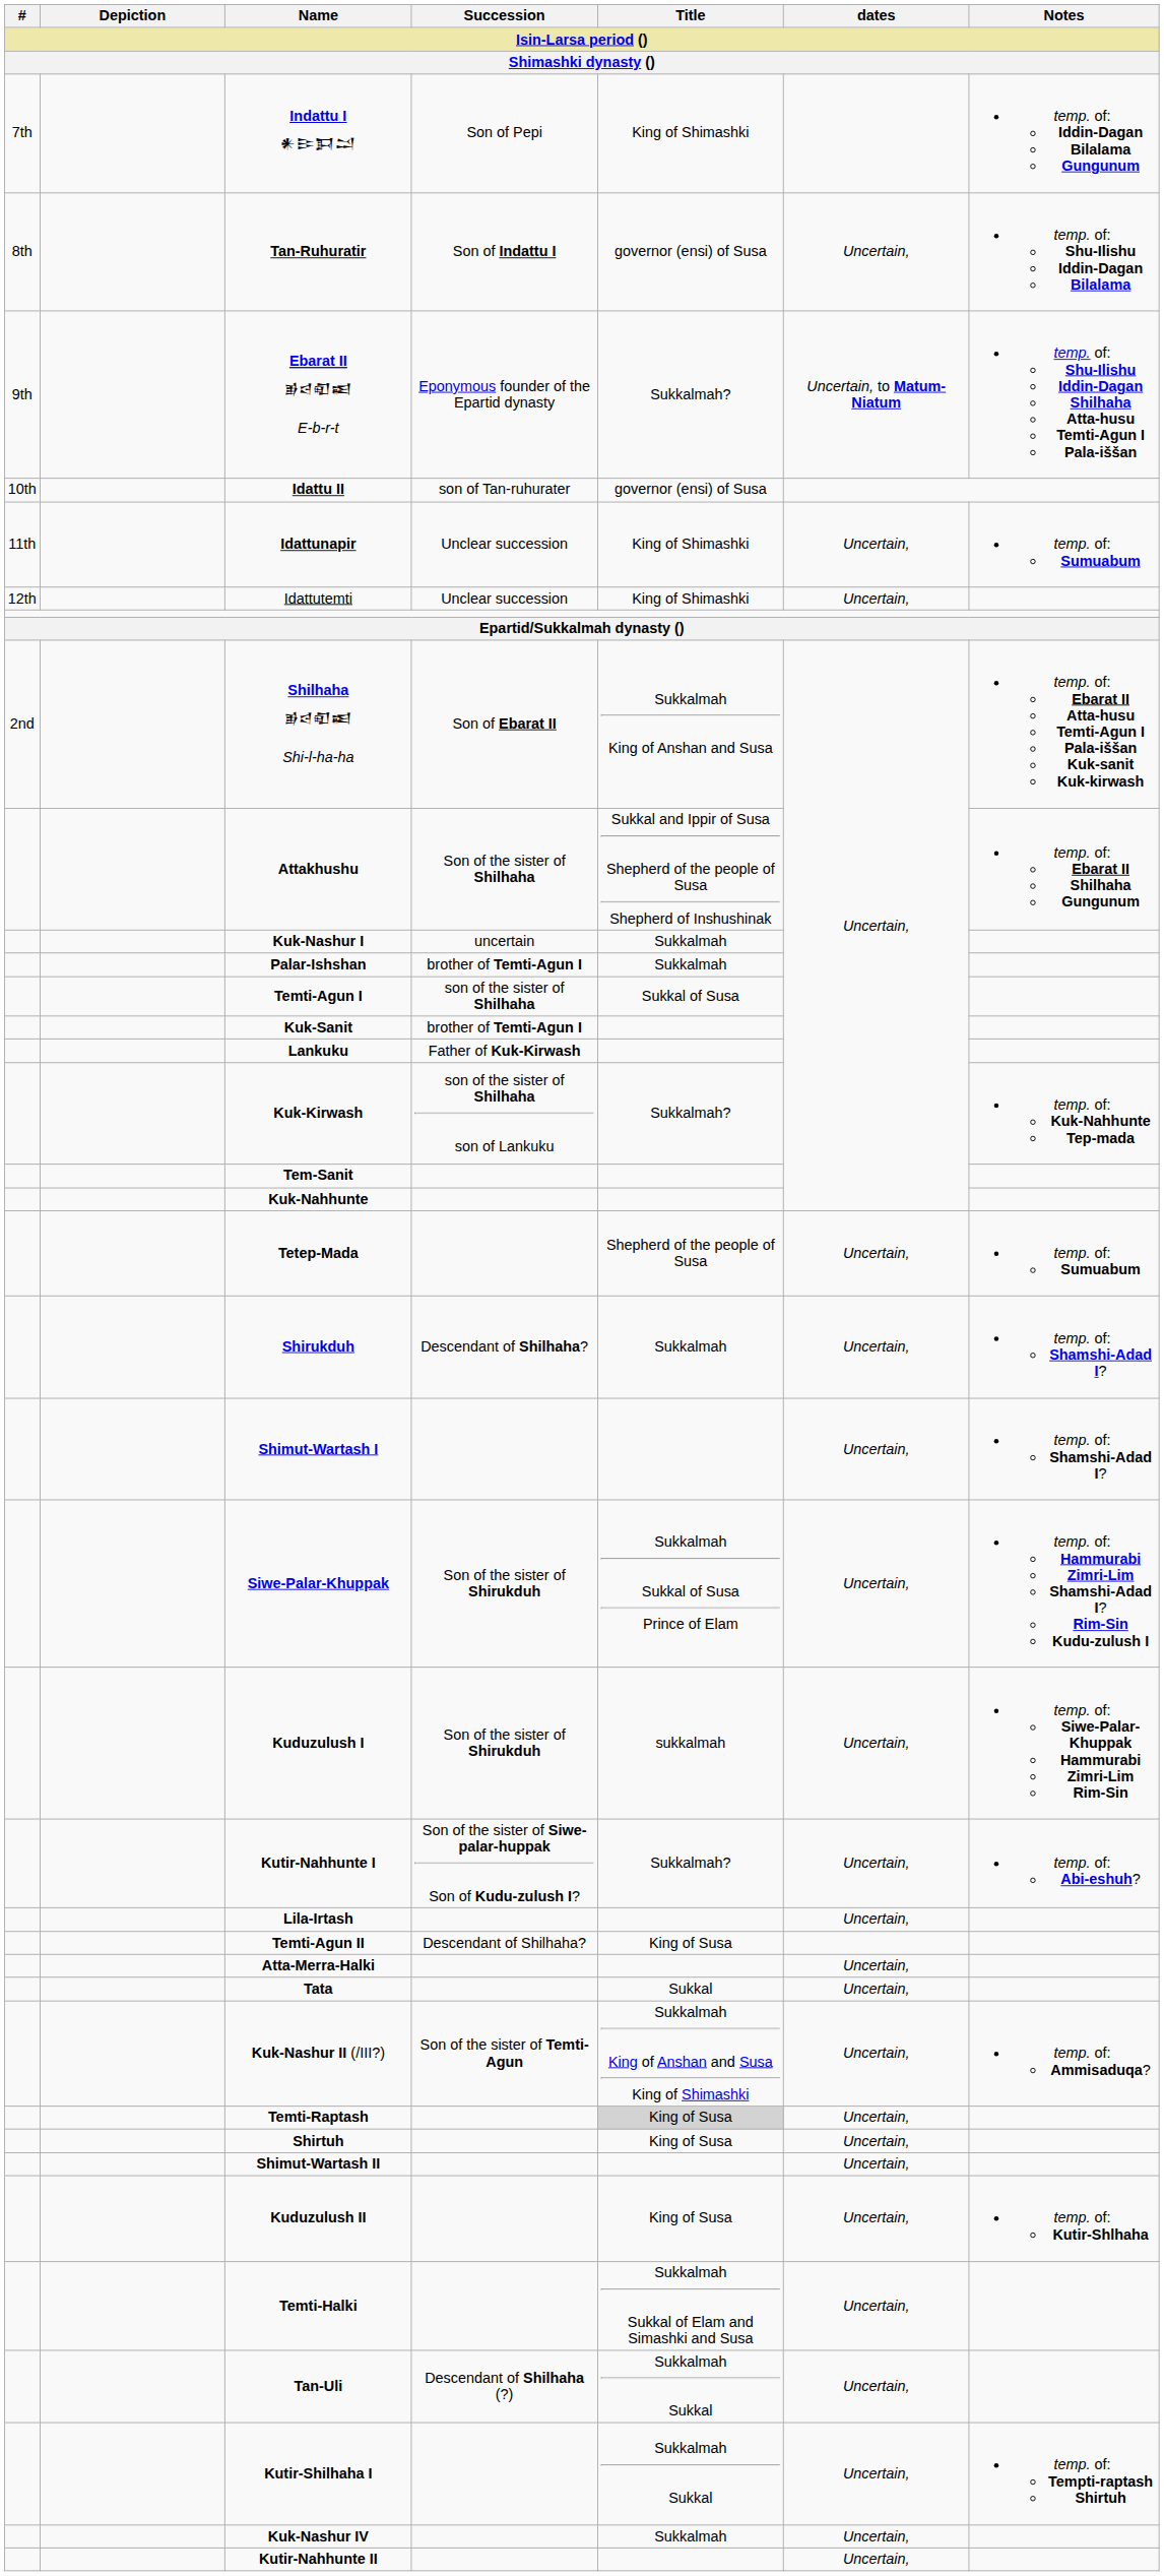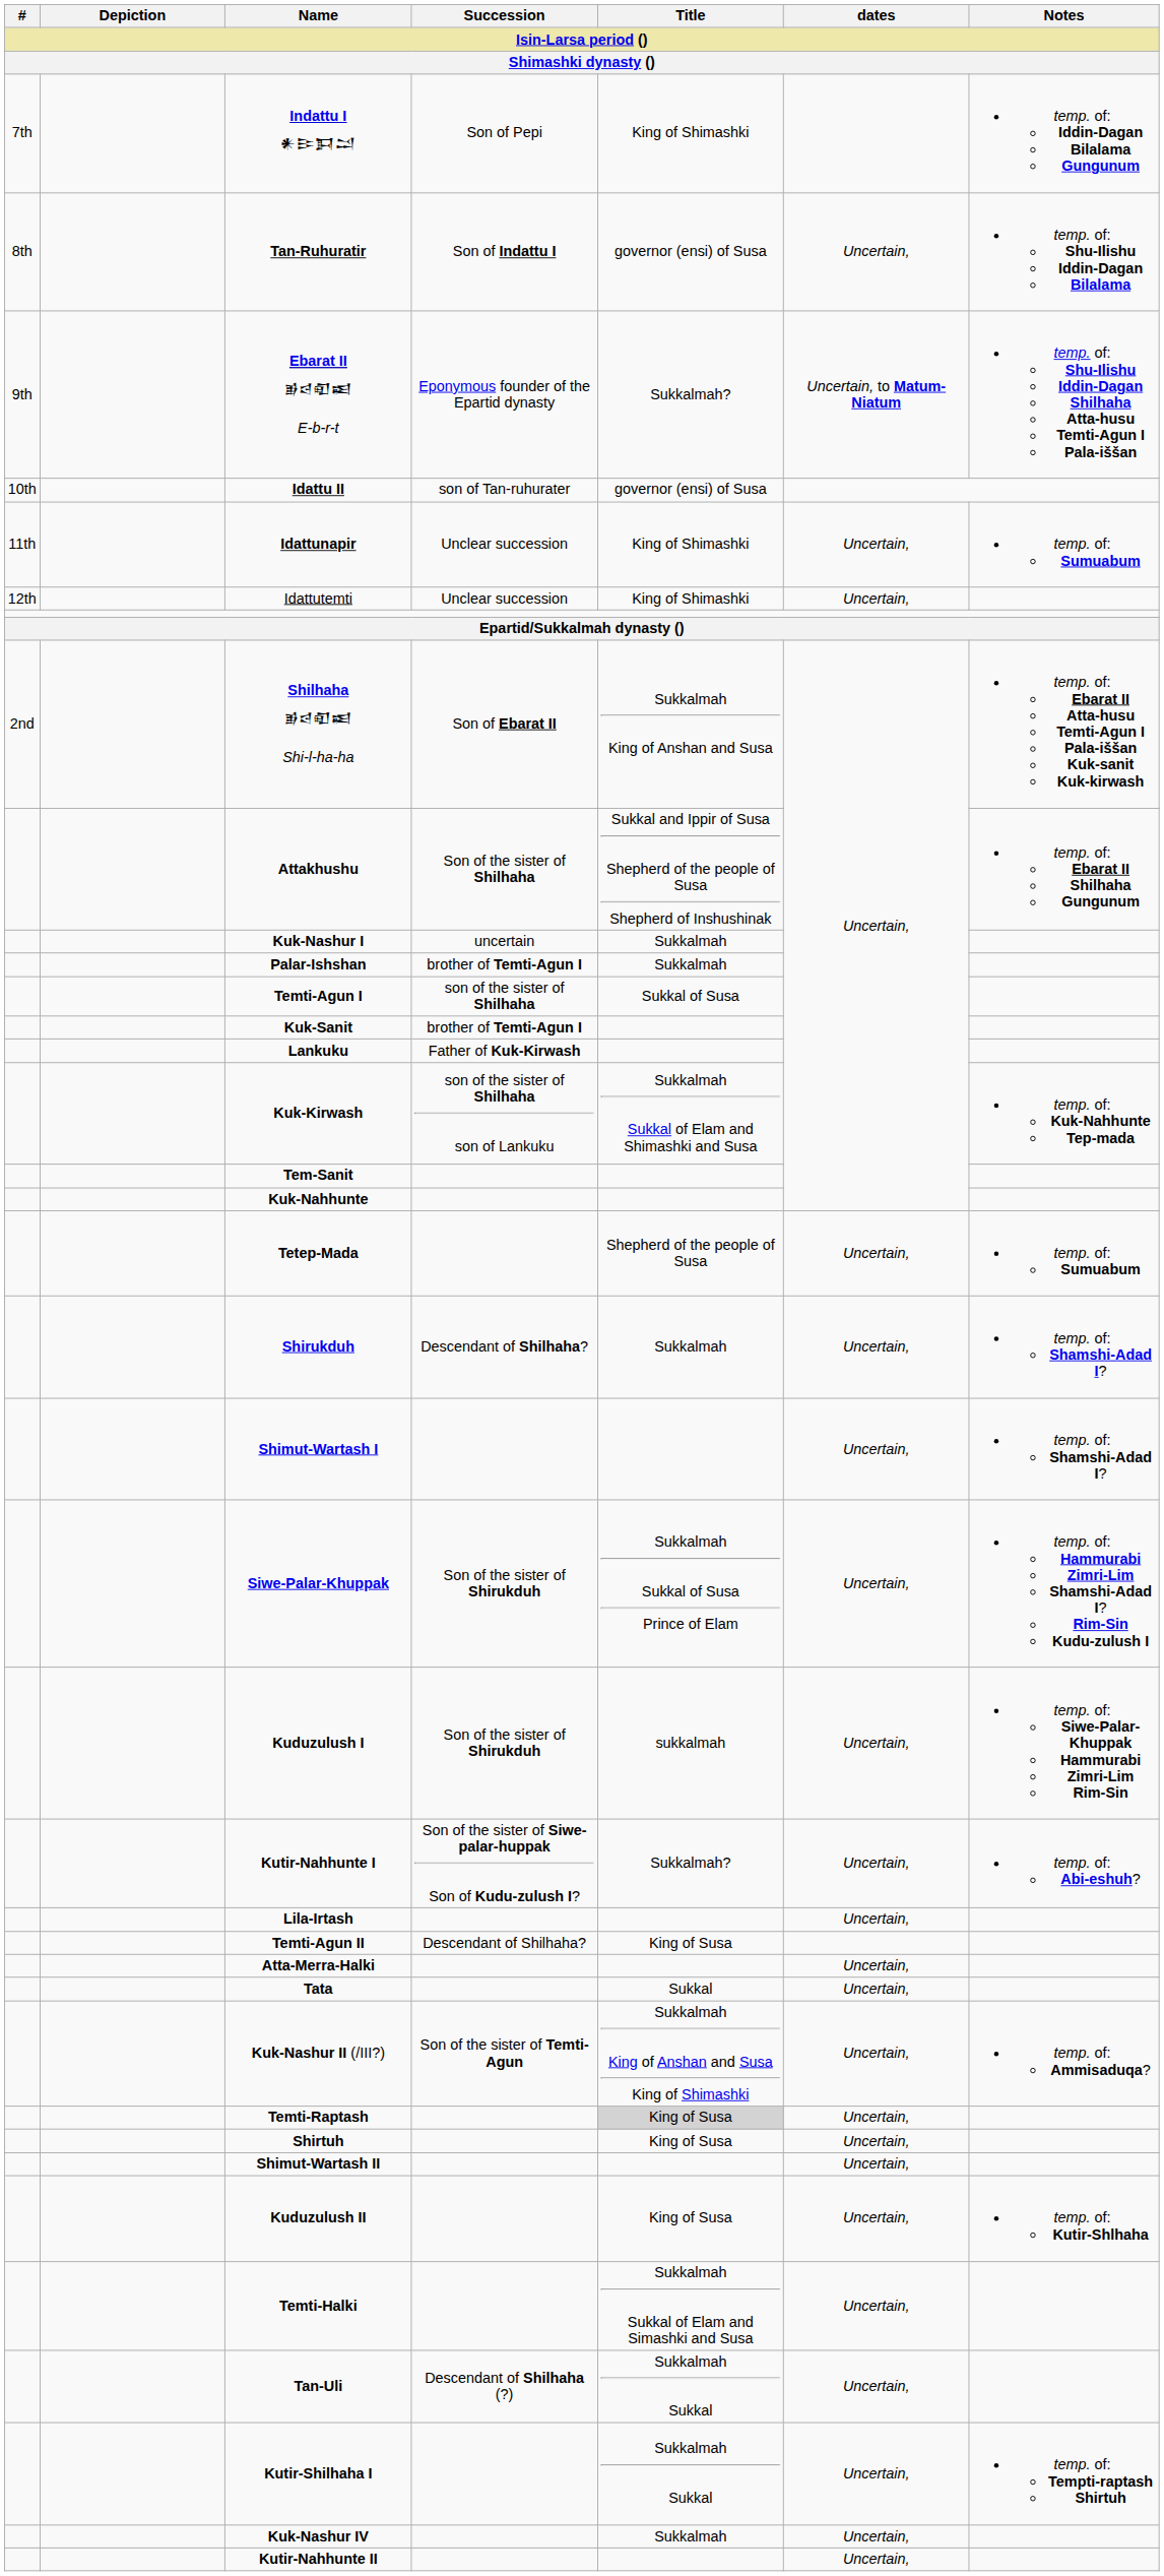 <table class="wikitable"border="1"style="width:100%;text-align:center">
 <tr>
 <th width="1%">#</th>
 <th width="16.5%">Depiction</th>
 <th width="16.5%">Name</th>
 <th width="16.5%">Succession</th>
 <th width="16.5%">Title</th>
 <th width="16.5%"> dates</th>
 <th width="16.5%">Notes</th>
 </tr>
 <tr>
 <td colspan="7"align="center"style="background-color:palegoldenrod"><strong><a href='#'>Isin-Larsa period</a> ()</strong></td>
 </tr>
 <tr>
 <th colspan="7"><a href='#'>Shimashki dynasty</a> ()</th>
 </tr>
 <tr>
 <td>7th</td>
 <td></td>
 <td><strong><u><a href='#'>Indattu I</a></u></strong><br>𒀭𒄿𒁕𒁺</td>
 <td>Son of Pepi</td>
 <td>King of Shimashki</td>
 <td></td>
 <td><br><ul><li><em>temp.</em> of:<ul><li><strong>Iddin-Dagan</strong></li><li><strong>Bilalama</strong></li><li><strong><a href='#'>Gungunum</a></strong></li></ul></li></ul></td>
 </tr>
 <tr>
 <td>8th</td>
 <td></td>
 <td><strong><u>Tan-Ruhuratir</u></strong></td>
 <td>Son of <strong><u>Indattu I</u></strong></td>
 <td>governor (ensi) of Susa</td>
 <td><em>Uncertain,</em> </td>
 <td><br><ul><li><em>temp.</em> of:<ul><li><strong>Shu-Ilishu</strong></li><li><strong>Iddin-Dagan</strong></li><li><strong><a href='#'>Bilalama</a></strong></li></ul></li></ul></td>
 </tr>
 <tr>
 <td>9th</td>
 <td></td>
 <td><strong><u><a href='#'>Ebarat II</a></u></strong><br>𒂊𒁀𒊏𒀜<br><br><em>E-b-r-t</em></td>
 <td><a href='#'>Eponymous</a> founder of the Epartid dynasty</td>
 <td>Sukkalmah?</td>
 <td><em>Uncertain,</em>  to <strong><a href='#'>Matum-Niatum</a></strong></td>
 <td><br><ul><li><em><a href='#'>temp.</a></em> of:<ul><li><strong><a href='#'>Shu-Ilishu</a></strong></li><li><strong><a href='#'>Iddin-Dagan</a></strong></li><li><strong><a href='#'>Shilhaha</a></strong></li><li><strong>Atta-husu</strong></li><li><strong>Temti-Agun I</strong></li><li><strong>Pala-iššan</strong></li></ul></li></ul></td>
 </tr>
 <tr>
 <td>10th</td>
 <td></td>
 <td><strong><u>Idattu II</u></strong></td>
 <td>son of Tan-ruhurater</td>
 <td>governor (ensi) of Susa</td>
 </tr>
 <tr>
 <td>11th</td>
 <td></td>
 <td><strong><u>Idattunapir</u></strong></td>
 <td>Unclear succession</td>
 <td>King of Shimashki</td>
 <td><em>Uncertain,</em> </td>
 <td><br><ul><li><em>temp.</em> of:<ul><li><strong><a href='#'>Sumuabum</a></strong></li></ul></li></ul></td>
 </tr>
 <tr>
 <td>12th</td>
 <td></td>
 <td><u>Idattutemti</u></td>
 <td>Unclear succession</td>
 <td>King of Shimashki</td>
 <td><em>Uncertain,</em> </td>
 <td></td>
 </tr>
 <tr>
 <td colspan="7"align="left"></td>
 </tr>
 <tr>
 <th colspan="7">Epartid/Sukkalmah dynasty ()</th>
 </tr>
 <tr>
 <td>2nd</td>
 <td></td>
 <td><strong><a href='#'>Shilhaha</a></strong><br>𒂊𒁀𒊏𒀜<br><br><em>Shi-l-ha-ha</em></td>
 <td>Son of <strong><u>Ebarat II</u></strong></td>
 <td>Sukkalmah<hr><br>King of Anshan and Susa</td>
 <td rowspan="10"><em>Uncertain,</em> </td>
 <td><br><ul><li><em>temp.</em> of:<ul><li><strong><u>Ebarat II</u></strong></li><li><strong>Atta-husu</strong></li><li><strong>Temti-Agun I</strong></li><li><strong>Pala-iššan</strong></li><li><strong>Kuk-sanit</strong></li><li><strong>Kuk-kirwash</strong></li></ul></li></ul></td>
 </tr>
 <tr>
 <td></td>
 <td></td>
 <td><strong>Attakhushu</strong></td>
 <td>Son of the sister of <strong>Shilhaha</strong></td>
 <td>Sukkal and Ippir of Susa<hr><br>Shepherd of the people of Susa<hr> Shepherd of Inshushinak</td>
 <td><br><ul><li><em>temp.</em> of:<ul><li><strong><u>Ebarat II</u></strong></li><li><strong>Shilhaha</strong></li><li><strong>Gungunum</strong></li></ul></li></ul></td>
 </tr>
 <tr>
 <td></td>
 <td></td>
 <td><strong>Kuk-Nashur I</strong></td>
 <td>uncertain</td>
 <td>Sukkalmah</td>
 <td></td>
 </tr>
 <tr>
 <td></td>
 <td></td>
 <td><strong>Palar-Ishshan</strong></td>
 <td>brother of <strong>Temti-Agun I</strong></td>
 <td>Sukkalmah</td>
 <td></td>
 </tr>
 <tr>
 <td></td>
 <td></td>
 <td><strong>Temti-Agun I</strong></td>
 <td>son of the sister of <strong>Shilhaha</strong></td>
 <td>Sukkal of Susa</td>
 </tr>
 <tr>
 <td></td>
 <td></td>
 <td><strong>Kuk-Sanit</strong></td>
 <td>brother of <strong>Temti-Agun I</strong></td>
 <td></td>
 <td></td>
 </tr>
 <tr>
 <td></td>
 <td></td>
 <td><strong>Lankuku</strong></td>
 <td>Father of <strong>Kuk-Kirwash</strong></td>
 <td></td>
 <td></td>
 </tr>
 <tr>
 <td></td>
 <td></td>
 <td><strong>Kuk-Kirwash</strong></td>
 <td>son of the sister of <strong>Shilhaha</strong><hr><br>son of Lankuku</td>
-<td>Sukkalmah?</td>
+<td>Sukkalmah<hr><br><a href='#'>Sukkal</a> of Elam and Shimashki and Susa</td>
 <td><br><ul><li><em>temp.</em> of:<ul><li><strong>Kuk-Nahhunte</strong></li><li><strong>Tep-mada</strong></li></ul></li></ul></td>
 </tr>
 <tr>
 <td></td>
 <td></td>
 <td><strong>Tem-Sanit</strong></td>
 <td></td>
 <td></td>
 <td></td>
 </tr>
 <tr>
 <td></td>
 <td></td>
 <td><strong>Kuk-Nahhunte</strong></td>
 <td></td>
 <td></td>
 <td></td>
 </tr>
 <tr>
 <td></td>
 <td></td>
 <td><strong>Tetep-Mada</strong></td>
 <td></td>
 <td>Shepherd of the people of Susa</td>
 <td><em>Uncertain,</em> </td>
 <td><br><ul><li><em>temp.</em> of:<ul><li><strong>Sumuabum</strong></li></ul></li></ul></td>
 </tr>
 <tr>
 <td></td>
 <td></td>
 <td><strong><a href='#'>Shirukduh</a></strong></td>
 <td>Descendant of <strong>Shilhaha</strong>?</td>
 <td>Sukkalmah</td>
 <td><em>Uncertain,</em> </td>
 <td><br><ul><li><em>temp.</em> of:<ul><li><strong><a href='#'>Shamshi-Adad I</a></strong>?</li></ul></li></ul></td>
 </tr>
 <tr>
 <td></td>
 <td></td>
 <td><strong><a href='#'>Shimut-Wartash I</a></strong></td>
 <td></td>
 <td></td>
 <td><em>Uncertain,</em> </td>
 <td><br><ul><li><em>temp.</em> of:<ul><li><strong>Shamshi-Adad I</strong>?</li></ul></li></ul></td>
 </tr>
 <tr>
 <td></td>
 <td></td>
 <td><strong><a href='#'>Siwe-Palar-Khuppak</a></strong></td>
 <td>Son of the sister of <strong>Shirukduh</strong></td>
 <td>Sukkalmah<hr><br>Sukkal of Susa<hr> Prince of Elam</td>
 <td><em>Uncertain,</em> </td>
 <td><br><ul><li><em>temp.</em> of:<ul><li><strong><a href='#'>Hammurabi</a></strong></li><li><strong><a href='#'>Zimri-Lim</a></strong></li><li><strong>Shamshi-Adad I</strong>?</li><li><strong><a href='#'>Rim-Sin</a></strong></li><li><strong>Kudu-zulush I</strong></li></ul></li></ul></td>
 </tr>
 <tr>
 <td></td>
 <td></td>
 <td><strong>Kuduzulush I</strong></td>
 <td>Son of the sister of <strong>Shirukduh</strong></td>
 <td>sukkalmah</td>
 <td><em>Uncertain,</em> </td>
 <td><br><ul><li><em>temp.</em> of:<ul><li><strong>Siwe-Palar-Khuppak</strong></li><li><strong>Hammurabi</strong></li><li><strong>Zimri-Lim</strong></li><li><strong>Rim-Sin</strong></li></ul></li></ul></td>
 </tr>
 <tr>
 <td></td>
 <td></td>
 <td><strong>Kutir-Nahhunte I</strong></td>
 <td>Son of the sister of <strong>Siwe-palar-huppak</strong><hr><br>Son of <strong>Kudu-zulush I</strong>?</td>
 <td>Sukkalmah?</td>
 <td><em>Uncertain,</em> </td>
 <td><br><ul><li><em>temp.</em> of:<ul><li><strong><a href='#'>Abi-eshuh</a></strong>?</li></ul></li></ul></td>
 </tr>
 <tr>
 <td></td>
 <td></td>
 <td><strong>Lila-Irtash</strong></td>
 <td></td>
 <td></td>
 <td><em>Uncertain,</em> </td>
 <td></td>
 </tr>
 <tr>
 <td></td>
 <td></td>
 <td><strong>Temti-Agun II</strong></td>
 <td>Descendant of Shilhaha?</td>
 <td>King of Susa</td>
 <td></td>
 <td></td>
 </tr>
 <tr>
 <td></td>
 <td></td>
 <td><strong>Atta-Merra-Halki</strong></td>
 <td></td>
 <td></td>
 <td><em>Uncertain,</em> </td>
 <td></td>
 </tr>
 <tr>
 <td></td>
 <td></td>
 <td><strong>Tata</strong></td>
 <td></td>
 <td>Sukkal</td>
 <td><em>Uncertain,</em> </td>
 <td></td>
 </tr>
 <tr>
 <td></td>
 <td></td>
 <td><strong>Kuk-Nashur II</strong> (/III?)</td>
 <td>Son of the sister of <strong>Temti-Agun</strong></td>
 <td>Sukkalmah<hr><br><a href='#'>King</a> of <a href='#'>Anshan</a> and <a href='#'>Susa</a><hr> King of <a href='#'>Shimashki</a></td>
 <td><em>Uncertain,</em> </td>
 <td><br><ul><li><em>temp.</em> of:<ul><li><strong>Ammisaduqa</strong>?</li></ul></li></ul></td>
 </tr>
 <tr>
 <td></td>
 <td></td>
 <td><strong>Temti-Raptash</strong></td>
 <td></td>
 <td style="background: lightgrey;">King of Susa</td>
 <td><em>Uncertain,</em> </td>
 <td></td>
 </tr>
 <tr>
 <td></td>
 <td></td>
 <td><strong>Shirtuh</strong></td>
 <td></td>
 <td>King of Susa</td>
 <td><em>Uncertain,</em> </td>
 <td></td>
 </tr>
 <tr>
 <td></td>
 <td></td>
 <td><strong>Shimut-Wartash II</strong></td>
 <td></td>
 <td></td>
 <td><em>Uncertain,</em> </td>
 <td></td>
 </tr>
 <tr>
 <td></td>
 <td></td>
 <td><strong>Kuduzulush II</strong></td>
 <td></td>
 <td>King of Susa</td>
 <td><em>Uncertain,</em> </td>
 <td><br><ul><li><em>temp.</em> of:<ul><li><strong>Kutir-Shlhaha</strong></li></ul></li></ul></td>
 </tr>
 <tr>
 <td></td>
 <td></td>
 <td><strong>Temti-Halki</strong></td>
 <td></td>
 <td>Sukkalmah<hr><br>Sukkal of Elam and Simashki and Susa</td>
 <td><em>Uncertain,</em> </td>
 <td></td>
 </tr>
 <tr>
 <td></td>
 <td></td>
 <td><strong>Tan-Uli</strong></td>
 <td>Descendant of <strong>Shilhaha</strong> (?)</td>
 <td>Sukkalmah<hr><br>Sukkal</td>
 <td><em>Uncertain,</em> </td>
 <td></td>
 </tr>
 <tr>
 <td></td>
 <td></td>
 <td><strong>Kutir-Shilhaha I</strong></td>
 <td></td>
 <td>Sukkalmah<hr><br>Sukkal</td>
 <td><em>Uncertain,</em> </td>
 <td><br><ul><li><em>temp.</em> of:<ul><li><strong>Tempti-raptash</strong></li><li><strong>Shirtuh</strong></li></ul></li></ul></td>
 </tr>
 <tr>
 <td></td>
 <td></td>
 <td><strong>Kuk-Nashur IV</strong></td>
 <td></td>
 <td>Sukkalmah</td>
 <td><em>Uncertain,</em> </td>
 <td></td>
 </tr>
 <tr>
 <td></td>
 <td></td>
 <td><strong>Kutir-Nahhunte II</strong></td>
 <td></td>
 <td></td>
 <td><em>Uncertain,</em> </td>
 <td></td>
 </tr>
 </table>
